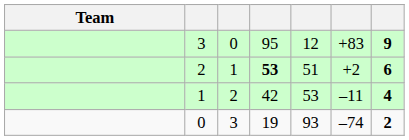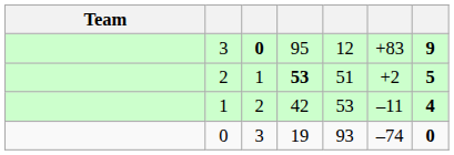 <table class="wikitable" style="text-align:center;">
 <tr>
 <th style="width:10.5em;">Team</th>
 <th style="width:1.5em;"></th>
 <th style="width:1.5em;"></th>
 <th style="width:2.0em;"></th>
 <th style="width:2.0em;"></th>
 <th style="width:2.0em;"></th>
 <th style="width:1.5em;"></th>
 </tr>
 <tr bgcolor=#cfc>
 <td align="left"></td>
 <td>3</td>
-<td>0</td>
+<td><strong>0</strong></td>
 <td>95</td>
 <td>12</td>
 <td>+83</td>
 <td><strong>9</strong></td>
 </tr>
 <tr bgcolor=#cfc>
 <td align="left"></td>
 <td>2</td>
 <td>1</td>
 <td><strong>53</strong></td>
 <td>51</td>
 <td>+2</td>
-<td><strong>6</strong></td>
+<td><strong>5</strong></td>
 </tr>
 <tr bgcolor=#cfc>
 <td align="left"></td>
 <td>1</td>
 <td>2</td>
 <td>42</td>
 <td>53</td>
 <td>–11</td>
 <td><strong>4</strong></td>
 </tr>
 <tr>
 <td align="left"></td>
 <td>0</td>
 <td>3</td>
 <td>19</td>
 <td>93</td>
 <td>–74</td>
-<td><strong>2</strong></td>
+<td><strong>0</strong></td>
 </tr>
 </table>
